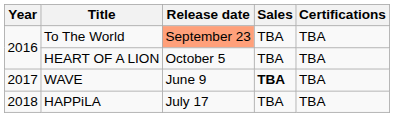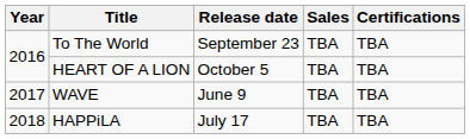 <table class="wikitable">
 <tr>
 <th>Year</th>
 <th>Title</th>
 <th>Release date</th>
 <th>Sales</th>
 <th>Certifications</th>
 </tr>
 <tr>
 <td rowspan="2">2016</td>
 <td>To The World</td>
-<td style="background: lightsalmon;">September 23</td>
+<td>September 23</td>
 <td>TBA</td>
 <td>TBA</td>
 </tr>
 <tr>
 <td>HEART OF A LION</td>
 <td>October 5</td>
 <td>TBA</td>
 <td>TBA</td>
 </tr>
 <tr>
 <td>2017</td>
 <td>WAVE</td>
 <td>June 9</td>
-<td><strong>TBA</strong></td>
+<td>TBA</td>
 <td>TBA</td>
 </tr>
 <tr>
 <td>2018</td>
 <td>HAPPiLA</td>
 <td>July 17</td>
 <td>TBA</td>
 <td>TBA</td>
 </tr>
 </table>
